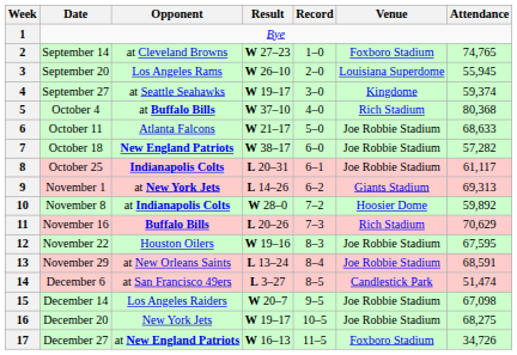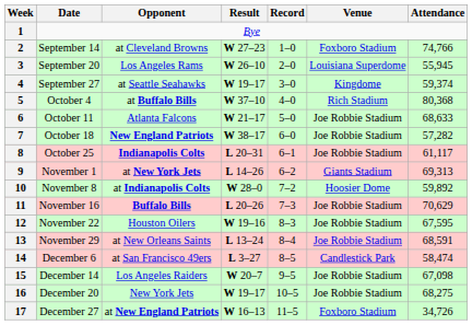 <table class="wikitable" style="text-align:center">
 <tr>
 <th>Week</th>
 <th>Date</th>
 <th>Opponent</th>
 <th>Result</th>
 <th>Record</th>
 <th>Venue</th>
 <th>Attendance</th>
 </tr>
 <tr>
 <th>1</th>
 <td colspan=6><em><a href='#'>Bye</a></em></td>
 </tr>
 <tr style="background:#cfc">
 <th>2</th>
 <td>September 14</td>
 <td>at <a href='#'>Cleveland Browns</a></td>
 <td><strong>W</strong> 27–23</td>
 <td>1–0</td>
 <td><a href='#'>Foxboro Stadium</a></td>
-<td>74,765</td>
+<td>74,766</td>
 </tr>
 <tr style="background:#cfc">
 <th>3</th>
 <td>September 20</td>
 <td><a href='#'>Los Angeles Rams</a></td>
 <td><strong>W</strong> 26–10</td>
 <td>2–0</td>
 <td><a href='#'>Louisiana Superdome</a></td>
 <td>55,945</td>
 </tr>
 <tr style="background:#cfc">
 <th>4</th>
 <td>September 27</td>
 <td>at <a href='#'>Seattle Seahawks</a></td>
 <td><strong>W</strong> 19–17</td>
 <td>3–0</td>
 <td><a href='#'>Kingdome</a></td>
 <td>59,374</td>
 </tr>
 <tr style="background:#cfc">
 <th>5</th>
 <td>October 4</td>
 <td>at <strong><a href='#'>Buffalo Bills</a></strong></td>
 <td><strong>W</strong> 37–10</td>
 <td>4–0</td>
 <td><a href='#'>Rich Stadium</a></td>
 <td>80,368</td>
 </tr>
 <tr style="background:#cfc">
 <th>6</th>
 <td>October 11</td>
 <td><a href='#'>Atlanta Falcons</a></td>
 <td><strong>W</strong> 21–17</td>
 <td>5–0</td>
 <td>Joe Robbie Stadium</td>
 <td>68,633</td>
 </tr>
 <tr style="background:#cfc">
 <th>7</th>
 <td>October 18</td>
 <td><strong><a href='#'>New England Patriots</a></strong></td>
 <td><strong>W</strong> 38–17</td>
 <td>6–0</td>
 <td>Joe Robbie Stadium</td>
 <td>57,282</td>
 </tr>
 <tr style="background:#fcc">
 <th>8</th>
 <td>October 25</td>
 <td><strong><a href='#'>Indianapolis Colts</a></strong></td>
 <td><strong>L</strong> 20–31</td>
 <td>6–1</td>
 <td>Joe Robbie Stadium</td>
 <td>61,117</td>
 </tr>
 <tr style="background:#fcc">
 <th>9</th>
 <td>November 1</td>
 <td>at <strong><a href='#'>New York Jets</a></strong></td>
 <td><strong>L</strong> 14–26</td>
 <td>6–2</td>
 <td><a href='#'>Giants Stadium</a></td>
 <td>69,313</td>
 </tr>
 <tr style="background:#cfc">
 <th>10</th>
 <td>November 8</td>
 <td>at <strong><a href='#'>Indianapolis Colts</a></strong></td>
 <td><strong>W</strong> 28–0</td>
 <td>7–2</td>
 <td><a href='#'>Hoosier Dome</a></td>
 <td>59,892</td>
 </tr>
 <tr style="background:#fcc">
 <th>11</th>
 <td>November 16</td>
 <td><strong><a href='#'>Buffalo Bills</a></strong></td>
 <td><strong>L</strong> 20–26</td>
 <td>7–3</td>
-<td><a href='#'>Rich Stadium</a></td>
+<td>Joe Robbie Stadium</td>
 <td>70,629</td>
 </tr>
 <tr style="background:#cfc">
 <th>12</th>
 <td>November 22</td>
 <td><a href='#'>Houston Oilers</a></td>
 <td><strong>W</strong> 19–16</td>
 <td>8–3</td>
 <td>Joe Robbie Stadium</td>
 <td>67,595</td>
 </tr>
 <tr style="background:#fcc">
 <th>13</th>
 <td>November 29</td>
 <td>at <a href='#'>New Orleans Saints</a></td>
 <td><strong>L</strong> 13–24</td>
 <td>8–4</td>
 <td><a href='#'>Joe Robbie Stadium</a></td>
 <td>68,591</td>
 </tr>
 <tr style="background:#fcc">
 <th>14</th>
 <td>December 6</td>
 <td>at <a href='#'>San Francisco 49ers</a></td>
 <td><strong>L</strong> 3–27</td>
 <td>8–5</td>
 <td><a href='#'>Candlestick Park</a></td>
-<td>51,474</td>
+<td>58,474</td>
 </tr>
 <tr style="background:#cfc">
 <th>15</th>
 <td>December 14</td>
 <td><a href='#'>Los Angeles Raiders</a></td>
 <td><strong>W</strong> 20–7</td>
 <td>9–5</td>
 <td>Joe Robbie Stadium</td>
 <td>67,098</td>
 </tr>
 <tr style="background:#cfc">
 <th>16</th>
 <td>December 20</td>
 <td><a href='#'>New York Jets</a></td>
 <td><strong>W</strong> 19–17</td>
 <td>10–5</td>
 <td>Joe Robbie Stadium</td>
 <td>68,275</td>
 </tr>
 <tr style="background:#cfc">
 <th>17</th>
 <td>December 27</td>
 <td>at <strong><a href='#'>New England Patriots</a></strong></td>
 <td><strong>W</strong> 16–13 </td>
 <td>11–5</td>
 <td><a href='#'>Foxboro Stadium</a></td>
 <td>34,726</td>
 </tr>
 </table>
